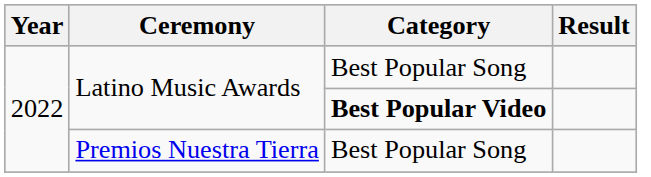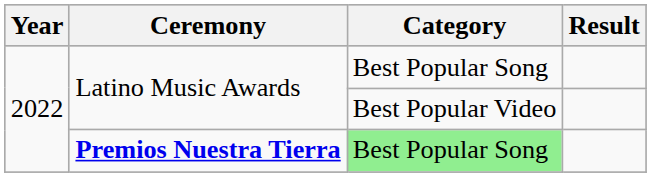 <table class="wikitable plainrowheaders">
 <tr>
 <th scope="col">Year</th>
 <th scope="col">Ceremony</th>
 <th scope="col">Category</th>
 <th scope="col">Result</th>
 </tr>
 <tr>
 <td rowspan="3">2022</td>
 <td rowspan="2">Latino Music Awards</td>
 <td>Best Popular Song</td>
 <td></td>
 </tr>
 <tr>
-<td><strong>Best Popular Video</strong></td>
+<td>Best Popular Video</td>
 <td></td>
 </tr>
 <tr>
-<td><a href='#'>Premios Nuestra Tierra</a></td>
-<td>Best Popular Song</td>
+<td><strong><a href='#'>Premios Nuestra Tierra</a></strong></td>
+<td style="background: lightgreen;">Best Popular Song</td>
 <td></td>
 </tr>
 </table>
